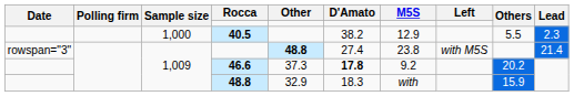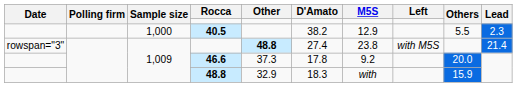 <table class=wikitable style="text-align:center;font-size:85%;line-height:13px">
 <tr>
 <th rowspan="2">Date</th>
 <th rowspan="2">Polling firm</th>
 <th rowspan="2">Sample size</th>
 <th style="width:61px;">Rocca</th>
 <th style="width:61px;">Other </th>
 <th style="width:61px;">D'Amato</th>
 <th style="width:61px;"><a href='#'>M5S</a></th>
 <th style="width:61px;">Left</th>
 <th rowspan="2" style="width:35px;">Others</th>
 <th rowspan="2" style="width:35px;">Lead</th>
 </tr>
 <tr>
 <td></td>
 <td></td>
 <td></td>
 <td></td>
 <td></td>
 </tr>
 <tr>
 <td></td>
 <td></td>
 <td>1,000</td>
 <td style="background:#C8EBFF"><strong>40.5</strong></td>
 <td></td>
 <td>38.2</td>
 <td>12.9</td>
 <td></td>
 <td>5.5</td>
 <td style="background:#0A6BE1; color:white;">2.3</td>
 </tr>
 <tr>
 <td>rowspan="3" </td>
 <td rowspan="3"></td>
 <td rowspan="3">1,009</td>
 <td></td>
 <td style="background:#C8EBFF"><strong>48.8</strong></td>
 <td>27.4</td>
 <td>23.8</td>
 <td><em>with M5S</em></td>
 <td></td>
 <td style="background:#0A6BE1; color:white;">21.4</td>
 </tr>
 <tr>
 <td></td>
 <td style="background:#C8EBFF"><strong>46.6</strong></td>
 <td>37.3</td>
-<td><strong>17.8</strong></td>
+<td>17.8</td>
 <td>9.2</td>
 <td></td>
-<td style="background:#0A6BE1; color:white;">20.2</td>
+<td style="background:#0A6BE1; color:white;">20.0</td>
 </tr>
 <tr>
 <td></td>
 <td style="background:#C8EBFF"><strong>48.8</strong></td>
 <td>32.9</td>
 <td>18.3</td>
 <td><em>with </em></td>
 <td></td>
 <td style="background:#0A6BE1; color:white;">15.9</td>
 </tr>
 </table>
